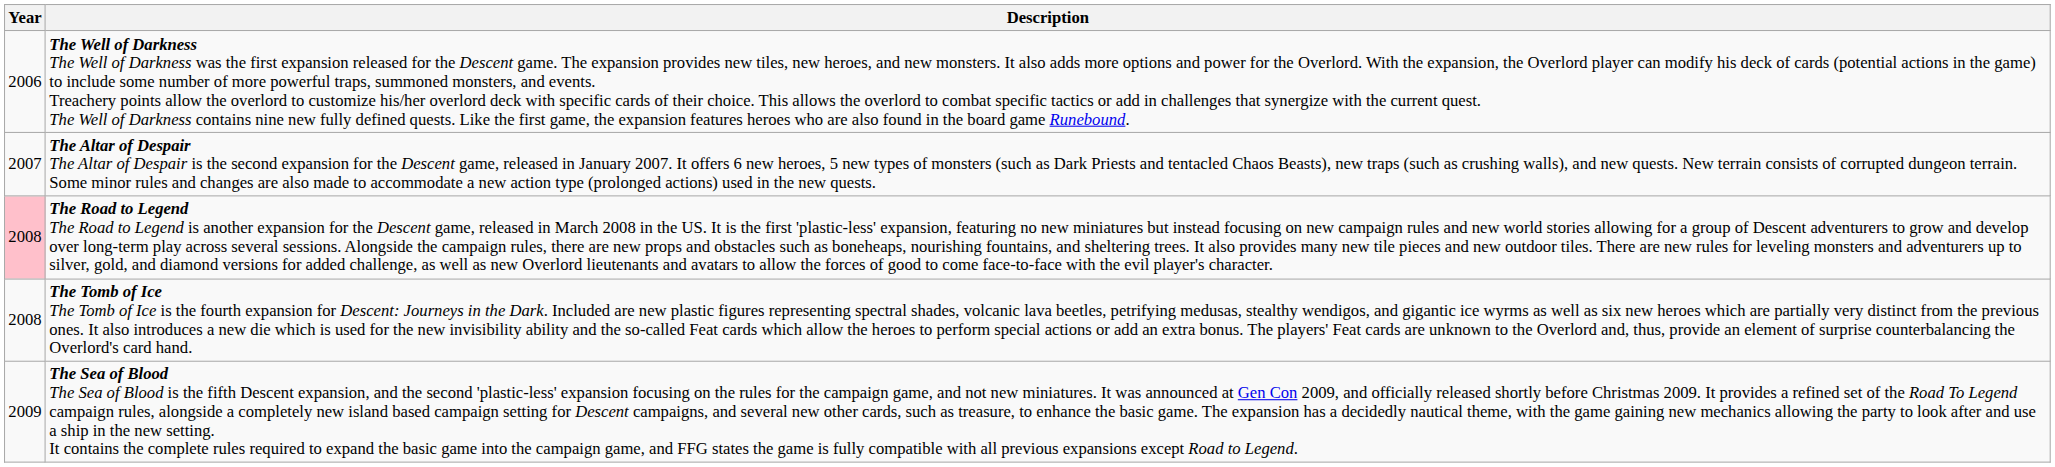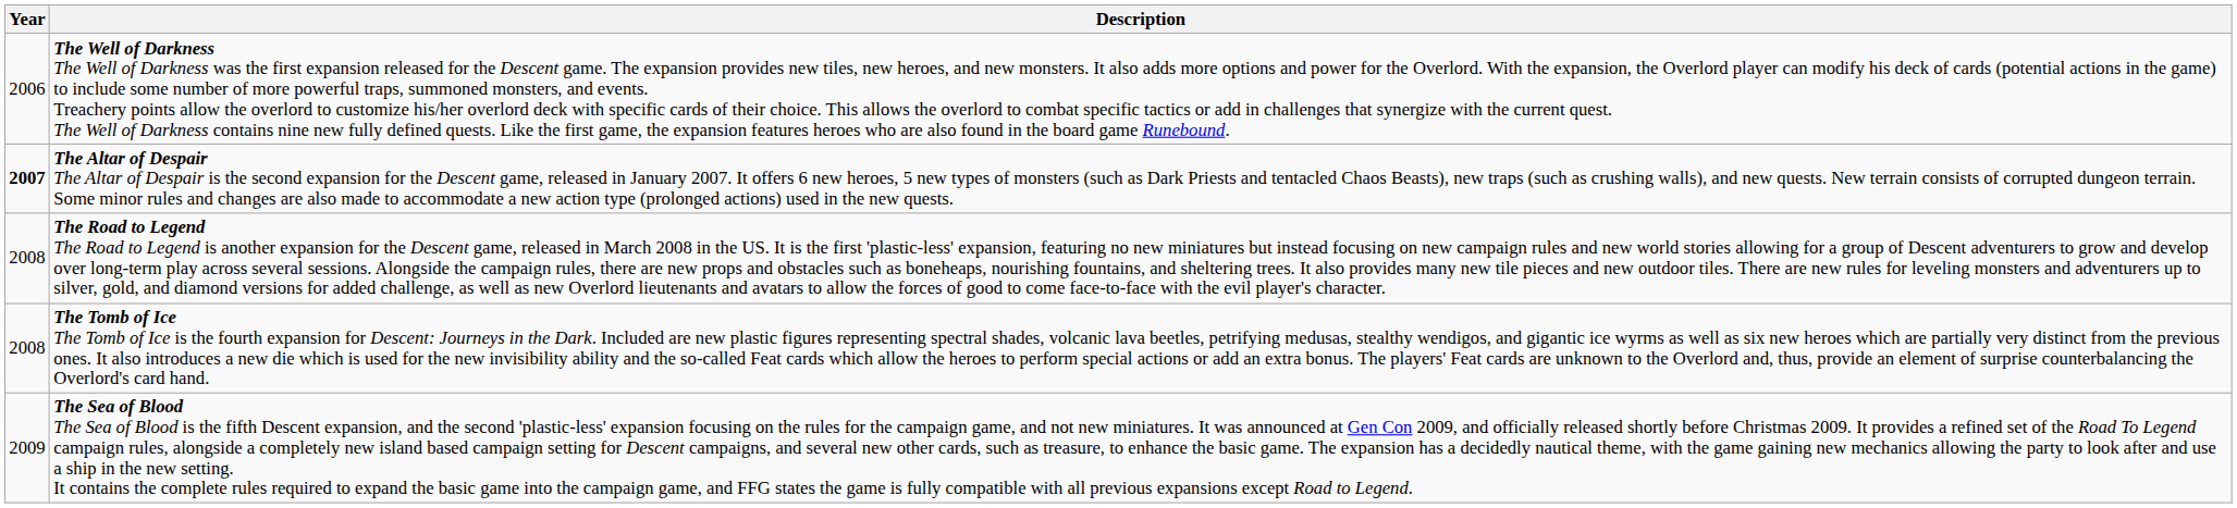 <table class="wikitable">
 <tr>
 <th>Year</th>
 <th>Description</th>
 </tr>
 <tr>
 <td>2006</td>
 <td><strong><em>The Well of Darkness</em></strong><br><em>The Well of Darkness</em> was the first expansion released for the <em>Descent</em> game.  The expansion provides new tiles, new heroes, and new monsters. It also adds more options and power for the Overlord. With the expansion, the Overlord player can modify his deck of cards (potential actions in the game) to include some number of more powerful traps, summoned monsters, and events.<br>Treachery points allow the overlord to customize his/her overlord deck with specific cards of their choice. This allows the overlord to combat specific tactics or add in challenges that synergize with the current quest.<br><em>The Well of Darkness</em> contains nine new fully defined quests. Like the first game, the expansion features heroes who are also found in the board game <em><a href='#'>Runebound</a></em>.</td>
 </tr>
 <tr>
-<td>2007</td>
+<td><strong>2007</strong></td>
 <td><strong><em>The Altar of Despair</em></strong><br><em>The Altar of Despair</em> is the second expansion for the <em>Descent</em> game, released in January 2007. It offers 6 new heroes, 5 new types of monsters (such as Dark Priests and tentacled Chaos Beasts), new traps (such as crushing walls), and new quests. New terrain consists of corrupted dungeon terrain. Some minor rules and changes are also made to accommodate a new action type (prolonged actions) used in the new quests.</td>
 </tr>
 <tr>
-<td style="background: pink;">2008</td>
+<td>2008</td>
 <td><strong><em>The Road to Legend</em></strong><br><em>The Road to Legend</em> is another expansion for the <em>Descent</em> game, released in March 2008 in the US. It is the first 'plastic-less' expansion, featuring no new miniatures but instead focusing on new campaign rules and new world stories allowing for a group of Descent adventurers to grow and develop over long-term play across several sessions. Alongside the campaign rules, there are new props and obstacles such as boneheaps, nourishing fountains, and sheltering trees. It also provides many new tile pieces and new outdoor tiles.  There are new rules for leveling monsters and adventurers up to silver, gold, and diamond versions for added challenge, as well as new Overlord lieutenants and avatars to allow the forces of good to come face-to-face with the evil player's character.</td>
 </tr>
 <tr>
 <td>2008</td>
 <td><strong><em>The Tomb of Ice</em></strong><br><em>The Tomb of Ice</em> is the fourth expansion for <em>Descent: Journeys in the Dark</em>. Included are new plastic figures representing spectral shades, volcanic lava beetles, petrifying medusas, stealthy wendigos, and gigantic ice wyrms as well as six new heroes which are partially very distinct from the previous ones. It also introduces a new die which is used for the new invisibility ability and the so-called Feat cards which allow the heroes to perform special actions or add an extra bonus. The players' Feat cards are unknown to the Overlord and, thus, provide an element of surprise counterbalancing the Overlord's card hand.</td>
 </tr>
 <tr>
 <td>2009</td>
 <td><strong><em>The Sea of Blood</em></strong><br><em>The Sea of Blood</em> is the fifth Descent expansion, and the second 'plastic-less' expansion focusing on the rules for the campaign game, and not new miniatures. It was announced at <a href='#'>Gen Con</a> 2009, and officially released shortly before Christmas 2009. It provides a refined set of the <em>Road To Legend</em> campaign rules, alongside a completely new island based campaign setting for <em>Descent</em> campaigns, and several new other cards, such as treasure, to enhance the basic game. The expansion has a decidedly nautical theme, with the game gaining new mechanics allowing the party to look after and use a ship in the new setting.<br>It contains the complete rules required to expand the basic game into the campaign game, and FFG states the game is fully compatible with all previous expansions except <em>Road to Legend</em>.</td>
 </tr>
 </table>
